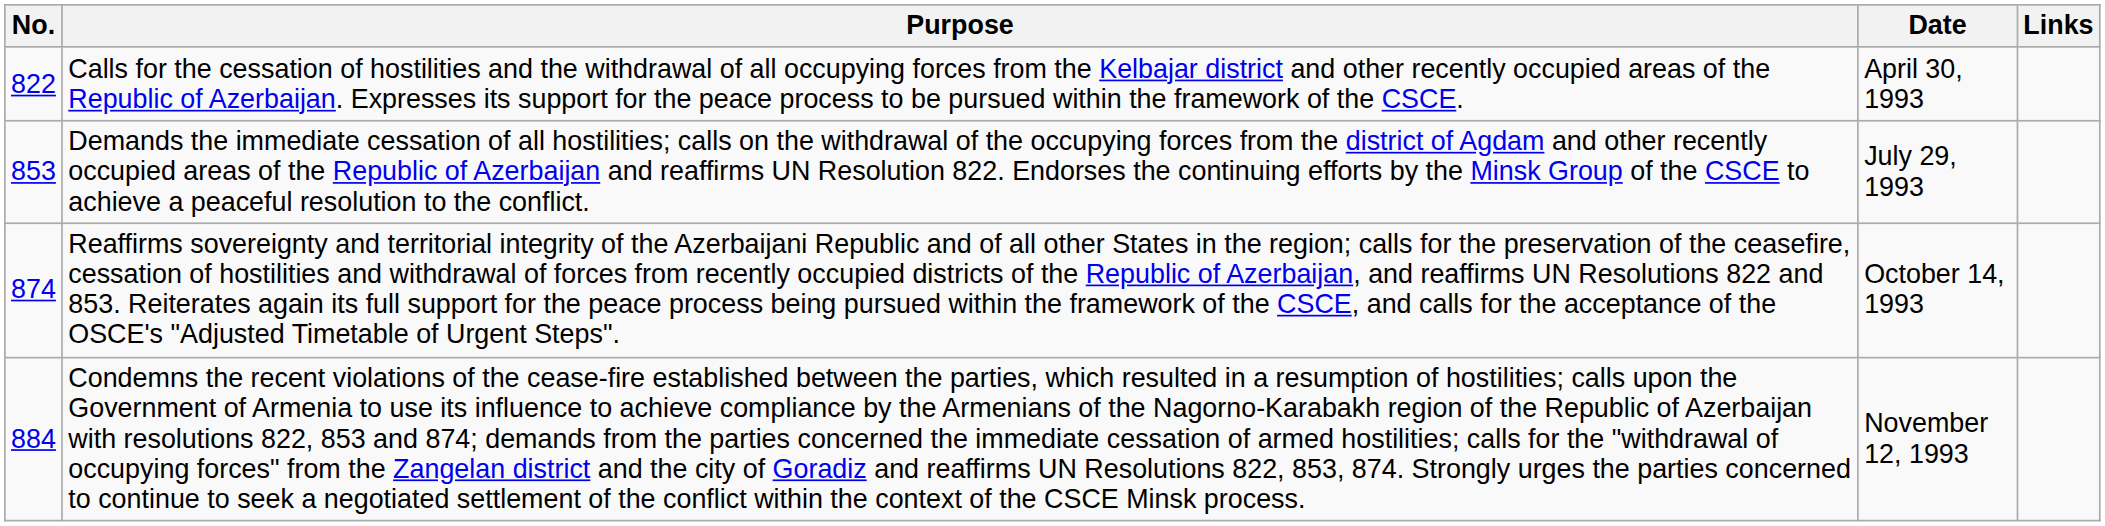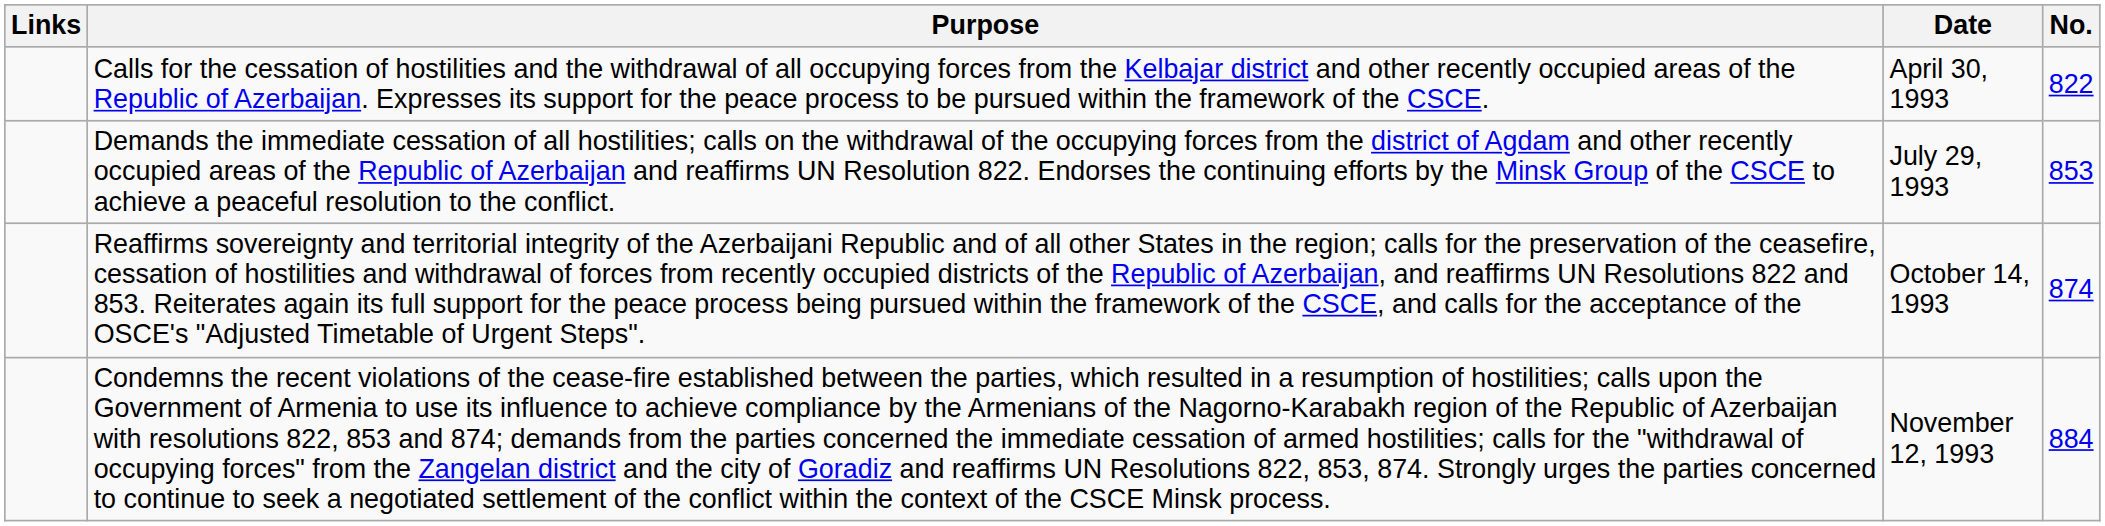 <table class="wikitable">
 <tr>
-<th>No.</th>
+<th>Links</th>
 <th>Purpose</th>
 <th>Date</th>
-<th>Links</th>
+<th>No.</th>
 </tr>
 <tr>
-<td><a href='#'>822</a></td>
+<td></td>
 <td>Calls for the cessation of hostilities and the withdrawal of all occupying forces from the <a href='#'>Kelbajar district</a> and other recently occupied areas of the <a href='#'>Republic of Azerbaijan</a>. Expresses its support for the peace process to be pursued within the framework of the <a href='#'>CSCE</a>.</td>
 <td>April 30, 1993</td>
-<td></td>
+<td><a href='#'>822</a></td>
 </tr>
 <tr>
-<td><a href='#'>853</a></td>
+<td></td>
 <td>Demands the immediate cessation of all hostilities; calls on the withdrawal of the occupying forces from the <a href='#'>district of Agdam</a> and other recently occupied areas of the <a href='#'>Republic of Azerbaijan</a> and reaffirms UN Resolution 822. Endorses the continuing efforts by the <a href='#'>Minsk Group</a> of the <a href='#'>CSCE</a> to achieve a peaceful resolution to the conflict.</td>
 <td>July 29, 1993</td>
-<td></td>
+<td><a href='#'>853</a></td>
 </tr>
 <tr>
-<td><a href='#'>874</a></td>
+<td></td>
 <td>Reaffirms sovereignty and territorial integrity of the Azerbaijani Republic and of all other States in the region; calls for the preservation of the ceasefire, cessation of hostilities and withdrawal of forces from recently occupied districts of the <a href='#'>Republic of Azerbaijan</a>, and reaffirms UN Resolutions 822 and 853. Reiterates again its full support for the peace process being pursued within the framework of the <a href='#'>CSCE</a>, and calls for the acceptance of the OSCE's "Adjusted Timetable of Urgent Steps".</td>
 <td>October 14, 1993</td>
-<td></td>
+<td><a href='#'>874</a></td>
 </tr>
 <tr>
-<td><a href='#'>884</a></td>
+<td></td>
 <td>Condemns the recent violations of the cease-fire established between the parties, which resulted in a resumption of hostilities; calls upon the Government of Armenia to use its influence to achieve compliance by the Armenians of the Nagorno-Karabakh region of the Republic of Azerbaijan with resolutions 822, 853 and 874; demands from the parties concerned the immediate cessation of armed hostilities; calls for the "withdrawal of occupying forces" from the <a href='#'>Zangelan district</a> and the city of <a href='#'>Goradiz</a> and reaffirms UN Resolutions 822, 853, 874. Strongly urges the parties concerned to continue to seek a negotiated settlement of the conflict within the context of the CSCE Minsk process.</td>
 <td>November 12, 1993</td>
-<td></td>
+<td><a href='#'>884</a></td>
 </tr>
 </table>
